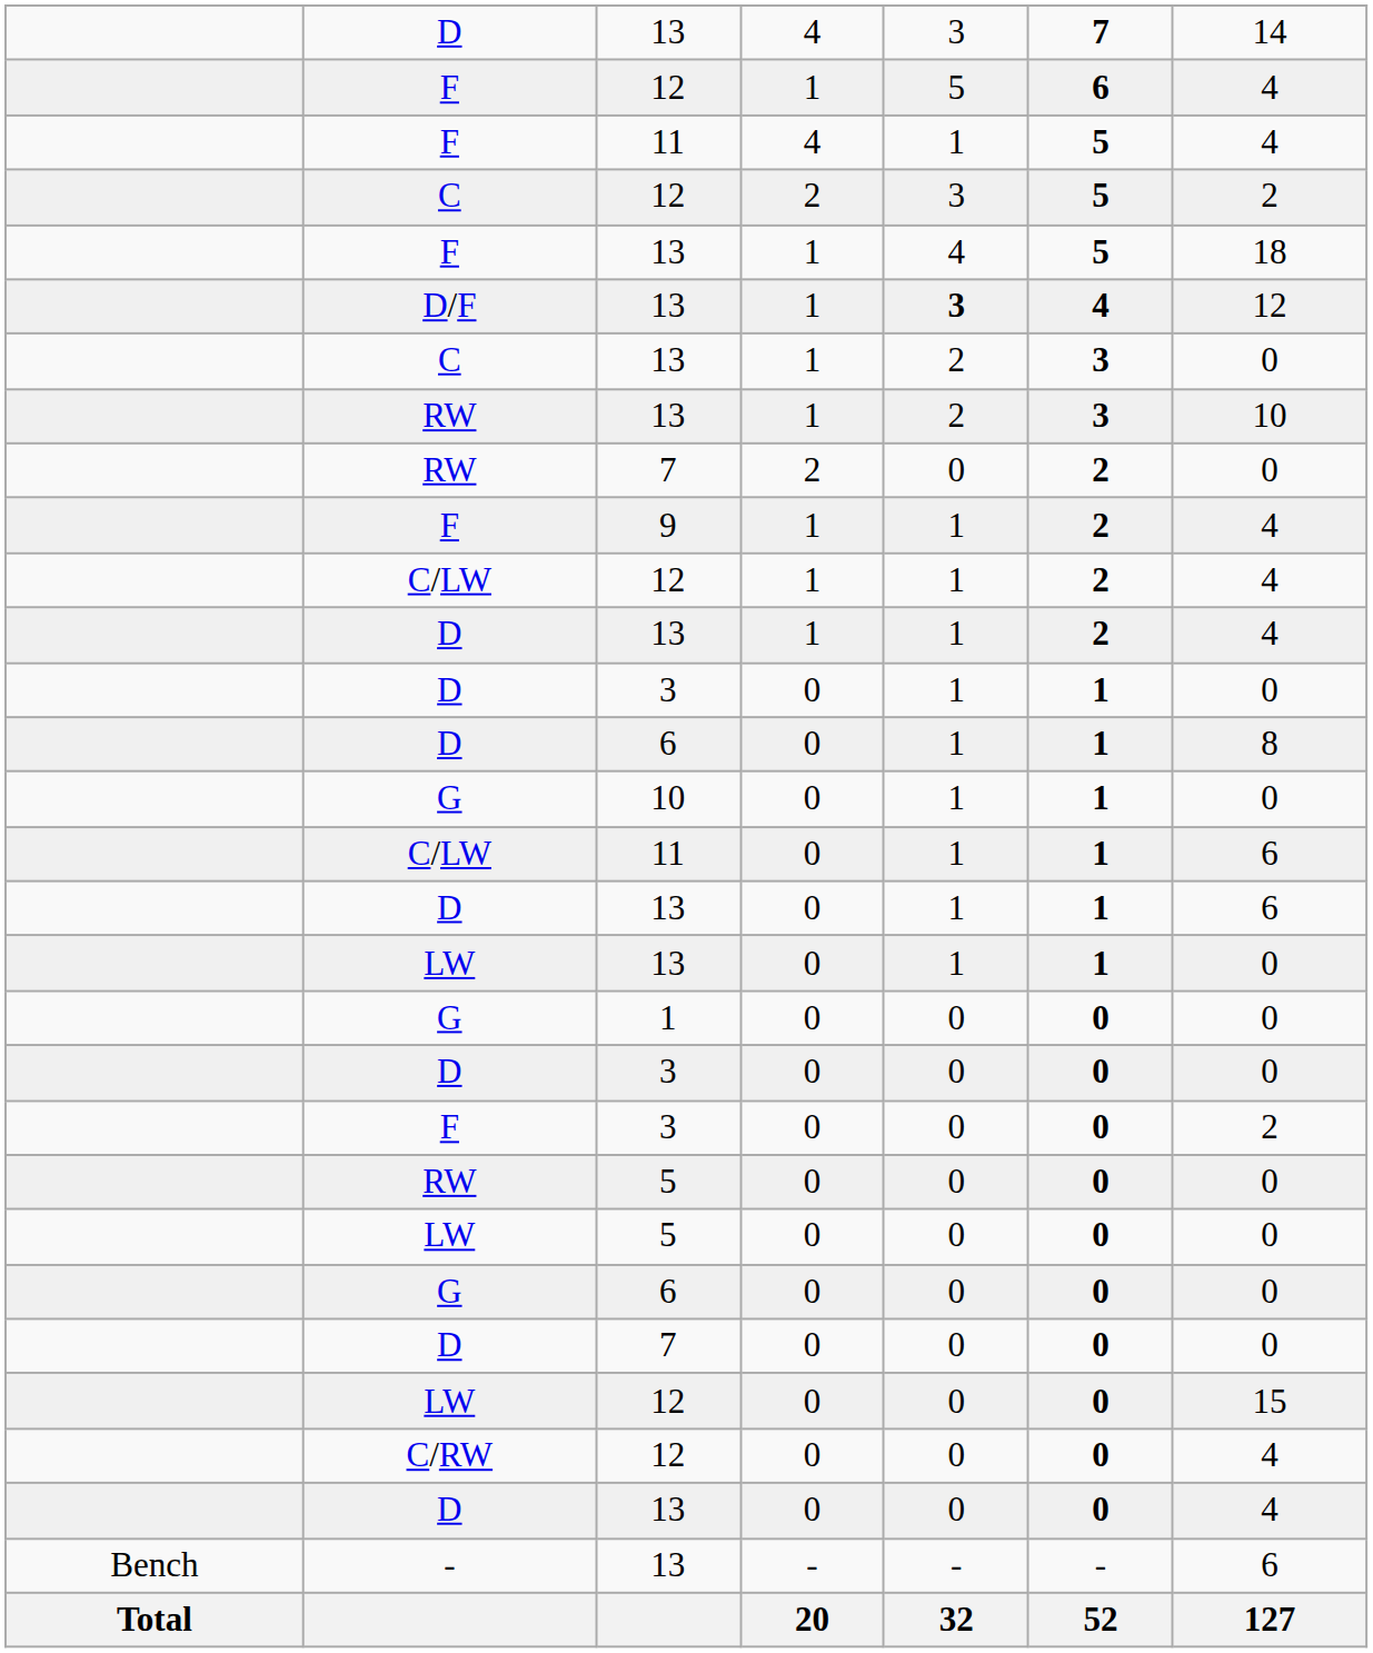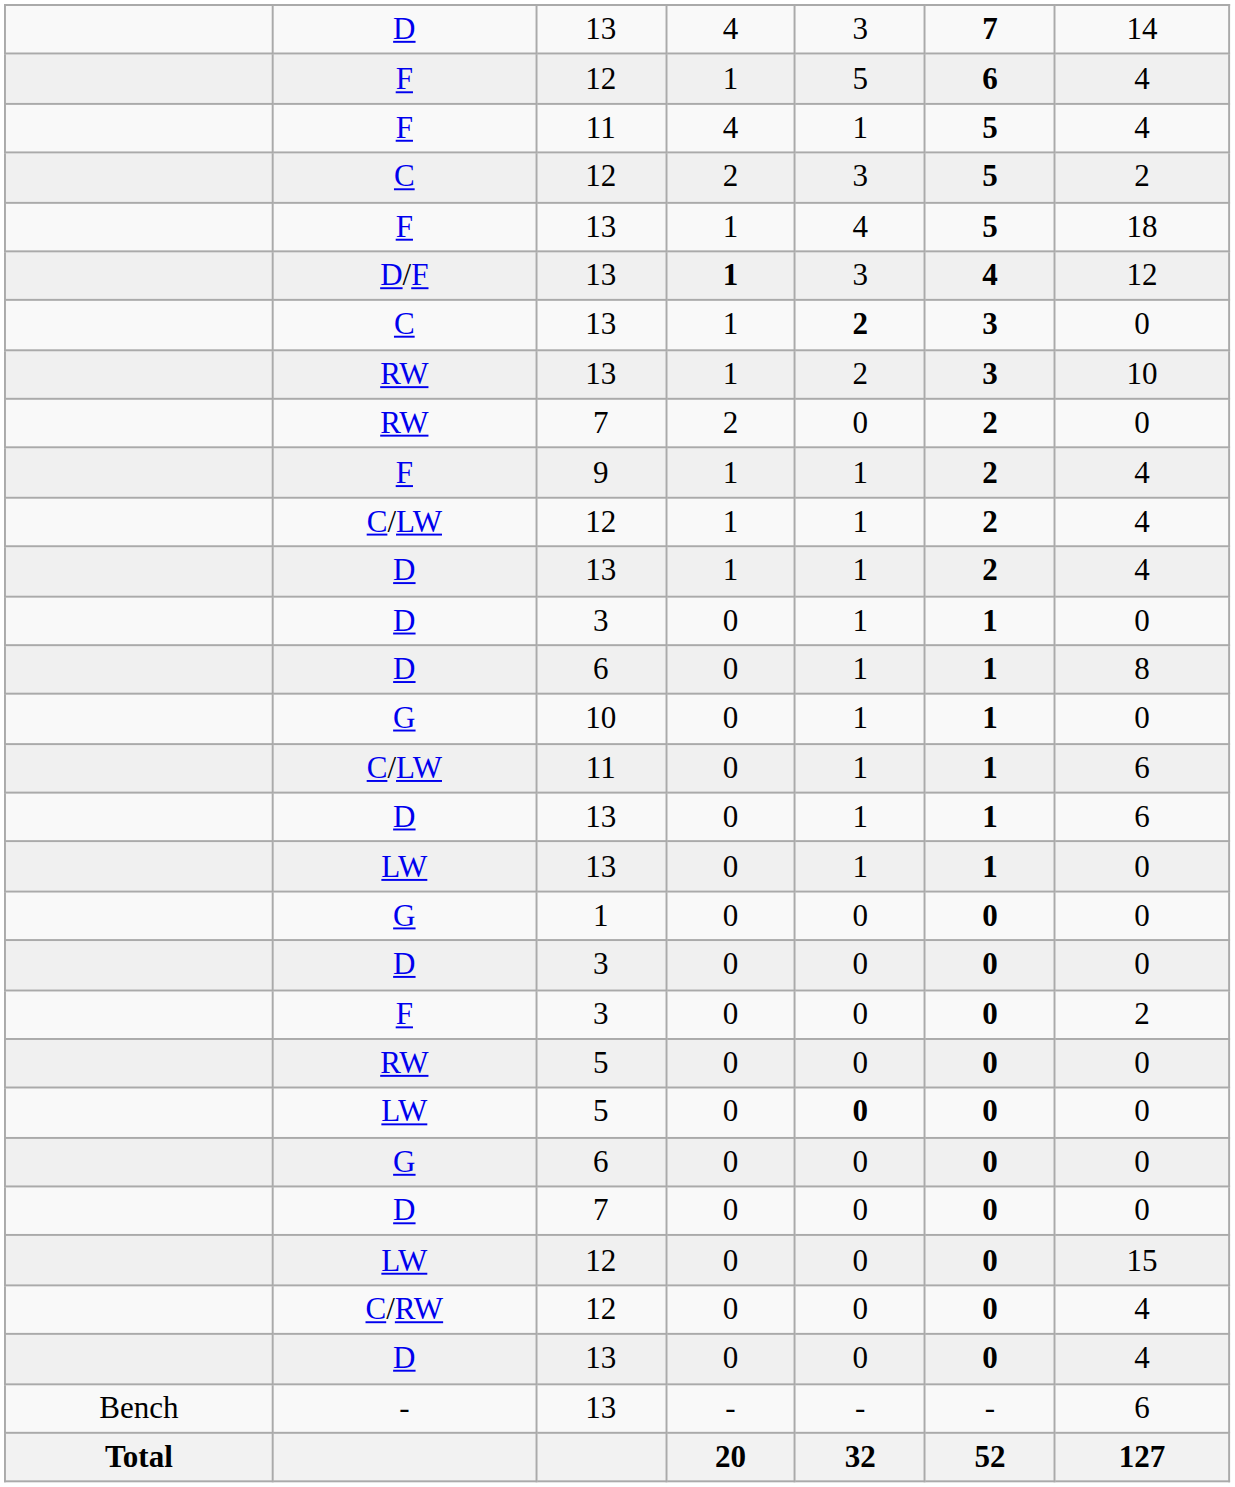 <table class="wikitable sortable" width ="50%">
 <tr align="center">
 </tr>
 <tr align="center" bgcolor="">
 <td></td>
 <td><a href='#'>D</a></td>
 <td>13</td>
 <td>4</td>
 <td>3</td>
 <td><strong>7</strong></td>
 <td>14</td>
 </tr>
 <tr align="center" bgcolor="f0f0f0">
 <td></td>
 <td><a href='#'>F</a></td>
 <td>12</td>
 <td>1</td>
 <td>5</td>
 <td><strong>6</strong></td>
 <td>4</td>
 </tr>
 <tr align="center" bgcolor="">
 <td></td>
 <td><a href='#'>F</a></td>
 <td>11</td>
 <td>4</td>
 <td>1</td>
 <td><strong>5</strong></td>
 <td>4</td>
 </tr>
 <tr align="center" bgcolor="f0f0f0">
 <td></td>
 <td><a href='#'>C</a></td>
 <td>12</td>
 <td>2</td>
 <td>3</td>
 <td><strong>5</strong></td>
 <td>2</td>
 </tr>
 <tr align="center" bgcolor="">
 <td></td>
 <td><a href='#'>F</a></td>
 <td>13</td>
 <td>1</td>
 <td>4</td>
 <td><strong>5</strong></td>
 <td>18</td>
 </tr>
 <tr align="center" bgcolor="f0f0f0">
 <td></td>
 <td><a href='#'>D</a>/<a href='#'>F</a></td>
 <td>13</td>
-<td>1</td>
-<td><strong>3</strong></td>
+<td><strong>1</strong></td>
+<td>3</td>
 <td><strong>4</strong></td>
 <td>12</td>
 </tr>
 <tr align="center" bgcolor="">
 <td></td>
 <td><a href='#'>C</a></td>
 <td>13</td>
 <td>1</td>
-<td>2</td>
+<td><strong>2</strong></td>
 <td><strong>3</strong></td>
 <td>0</td>
 </tr>
 <tr align="center" bgcolor="f0f0f0">
 <td></td>
 <td><a href='#'>RW</a></td>
 <td>13</td>
 <td>1</td>
 <td>2</td>
 <td><strong>3</strong></td>
 <td>10</td>
 </tr>
 <tr align="center" bgcolor="">
 <td></td>
 <td><a href='#'>RW</a></td>
 <td>7</td>
 <td>2</td>
 <td>0</td>
 <td><strong>2</strong></td>
 <td>0</td>
 </tr>
 <tr align="center" bgcolor="f0f0f0">
 <td></td>
 <td><a href='#'>F</a></td>
 <td>9</td>
 <td>1</td>
 <td>1</td>
 <td><strong>2</strong></td>
 <td>4</td>
 </tr>
 <tr align="center" bgcolor="">
 <td></td>
 <td><a href='#'>C</a>/<a href='#'>LW</a></td>
 <td>12</td>
 <td>1</td>
 <td>1</td>
 <td><strong>2</strong></td>
 <td>4</td>
 </tr>
 <tr align="center" bgcolor="f0f0f0">
 <td></td>
 <td><a href='#'>D</a></td>
 <td>13</td>
 <td>1</td>
 <td>1</td>
 <td><strong>2</strong></td>
 <td>4</td>
 </tr>
 <tr align="center" bgcolor="">
 <td></td>
 <td><a href='#'>D</a></td>
 <td>3</td>
 <td>0</td>
 <td>1</td>
 <td><strong>1</strong></td>
 <td>0</td>
 </tr>
 <tr align="center" bgcolor="f0f0f0">
 <td></td>
 <td><a href='#'>D</a></td>
 <td>6</td>
 <td>0</td>
 <td>1</td>
 <td><strong>1</strong></td>
 <td>8</td>
 </tr>
 <tr align="center" bgcolor="">
 <td></td>
 <td><a href='#'>G</a></td>
 <td>10</td>
 <td>0</td>
 <td>1</td>
 <td><strong>1</strong></td>
 <td>0</td>
 </tr>
 <tr align="center" bgcolor="f0f0f0">
 <td></td>
 <td><a href='#'>C</a>/<a href='#'>LW</a></td>
 <td>11</td>
 <td>0</td>
 <td>1</td>
 <td><strong>1</strong></td>
 <td>6</td>
 </tr>
 <tr align="center" bgcolor="">
 <td></td>
 <td><a href='#'>D</a></td>
 <td>13</td>
 <td>0</td>
 <td>1</td>
 <td><strong>1</strong></td>
 <td>6</td>
 </tr>
 <tr align="center" bgcolor="f0f0f0">
 <td></td>
 <td><a href='#'>LW</a></td>
 <td>13</td>
 <td>0</td>
 <td>1</td>
 <td><strong>1</strong></td>
 <td>0</td>
 </tr>
 <tr align="center" bgcolor="">
 <td></td>
 <td><a href='#'>G</a></td>
 <td>1</td>
 <td>0</td>
 <td>0</td>
 <td><strong>0</strong></td>
 <td>0</td>
 </tr>
 <tr align="center" bgcolor="f0f0f0">
 <td></td>
 <td><a href='#'>D</a></td>
 <td>3</td>
 <td>0</td>
 <td>0</td>
 <td><strong>0</strong></td>
 <td>0</td>
 </tr>
 <tr align="center" bgcolor="">
 <td></td>
 <td><a href='#'>F</a></td>
 <td>3</td>
 <td>0</td>
 <td>0</td>
 <td><strong>0</strong></td>
 <td>2</td>
 </tr>
 <tr align="center" bgcolor="f0f0f0">
 <td></td>
 <td><a href='#'>RW</a></td>
 <td>5</td>
 <td>0</td>
 <td>0</td>
 <td><strong>0</strong></td>
 <td>0</td>
 </tr>
 <tr align="center" bgcolor="">
 <td></td>
 <td><a href='#'>LW</a></td>
 <td>5</td>
 <td>0</td>
-<td>0</td>
+<td><strong>0</strong></td>
 <td><strong>0</strong></td>
 <td>0</td>
 </tr>
 <tr align="center" bgcolor="f0f0f0">
 <td></td>
 <td><a href='#'>G</a></td>
 <td>6</td>
 <td>0</td>
 <td>0</td>
 <td><strong>0</strong></td>
 <td>0</td>
 </tr>
 <tr align="center" bgcolor="">
 <td></td>
 <td><a href='#'>D</a></td>
 <td>7</td>
 <td>0</td>
 <td>0</td>
 <td><strong>0</strong></td>
 <td>0</td>
 </tr>
 <tr align="center" bgcolor="f0f0f0">
 <td></td>
 <td><a href='#'>LW</a></td>
 <td>12</td>
 <td>0</td>
 <td>0</td>
 <td><strong>0</strong></td>
 <td>15</td>
 </tr>
 <tr align="center" bgcolor="">
 <td></td>
 <td><a href='#'>C</a>/<a href='#'>RW</a></td>
 <td>12</td>
 <td>0</td>
 <td>0</td>
 <td><strong>0</strong></td>
 <td>4</td>
 </tr>
 <tr align="center" bgcolor="f0f0f0">
 <td></td>
 <td><a href='#'>D</a></td>
 <td>13</td>
 <td>0</td>
 <td>0</td>
 <td><strong>0</strong></td>
 <td>4</td>
 </tr>
 <tr align="center" bgcolor="">
 <td>Bench</td>
 <td>-</td>
 <td>13</td>
 <td>-</td>
 <td>-</td>
 <td>-</td>
 <td>6</td>
 </tr>
 <tr>
 <th>Total</th>
 <th></th>
 <th></th>
 <th>20</th>
 <th>32</th>
 <th>52</th>
 <th>127</th>
 </tr>
 </table>
